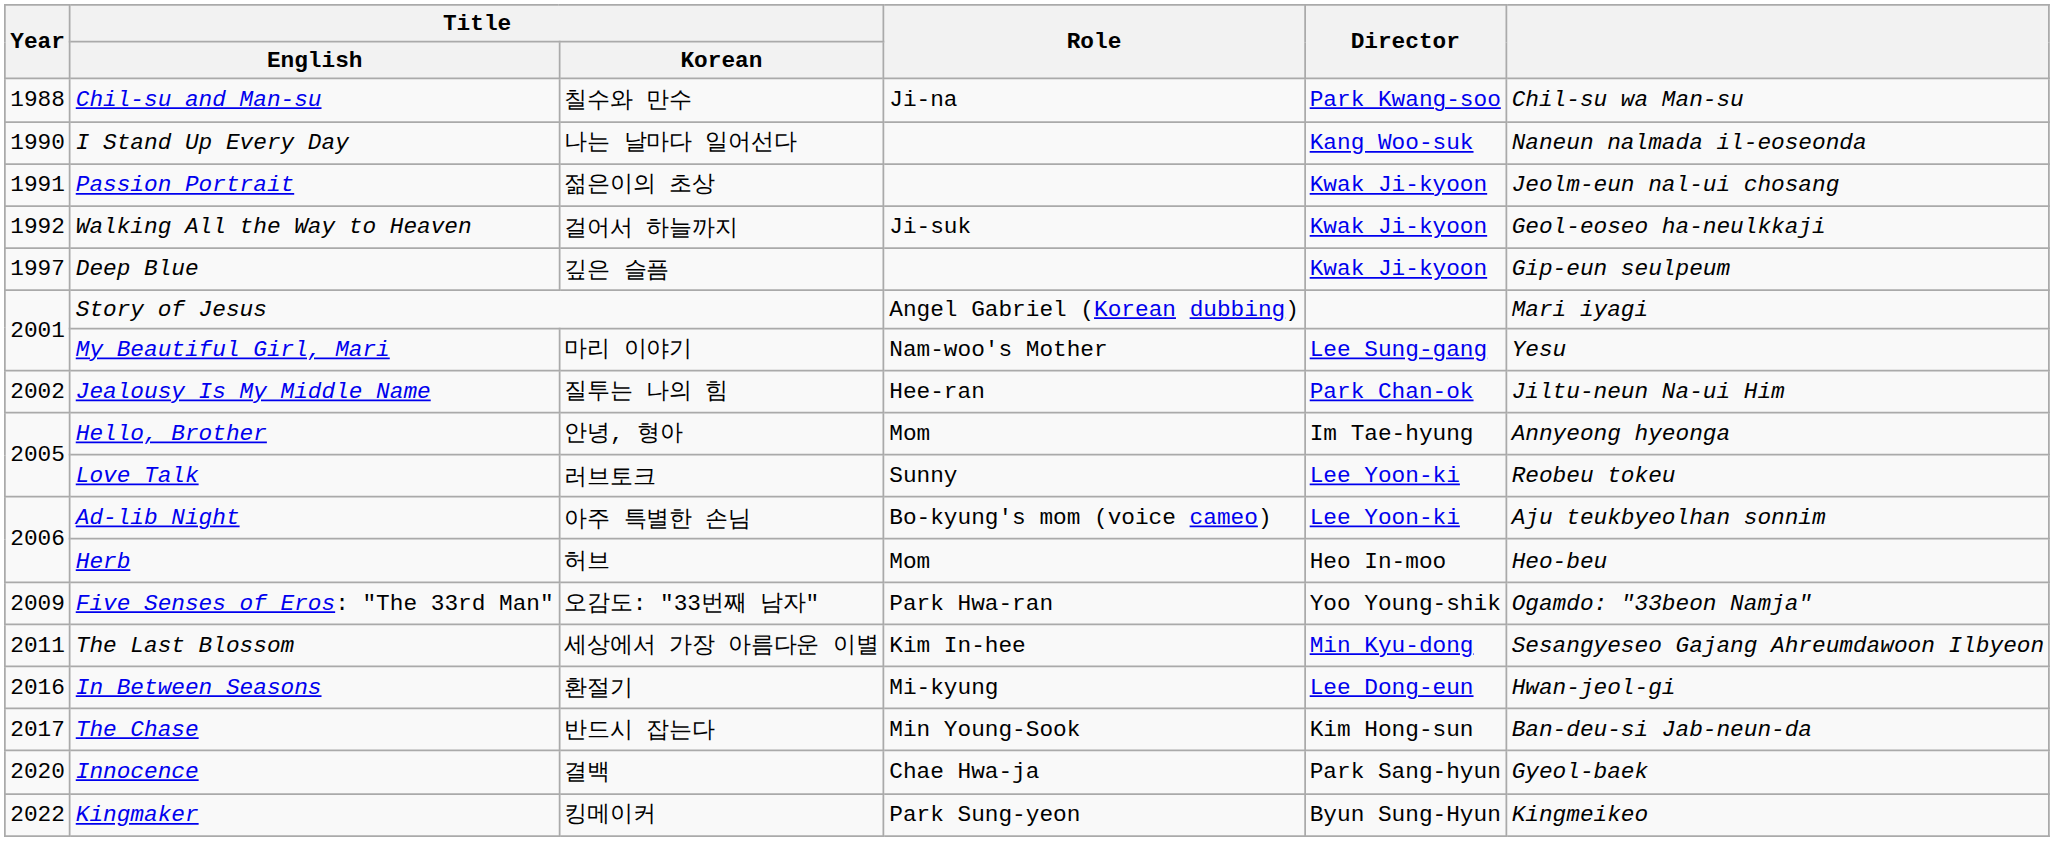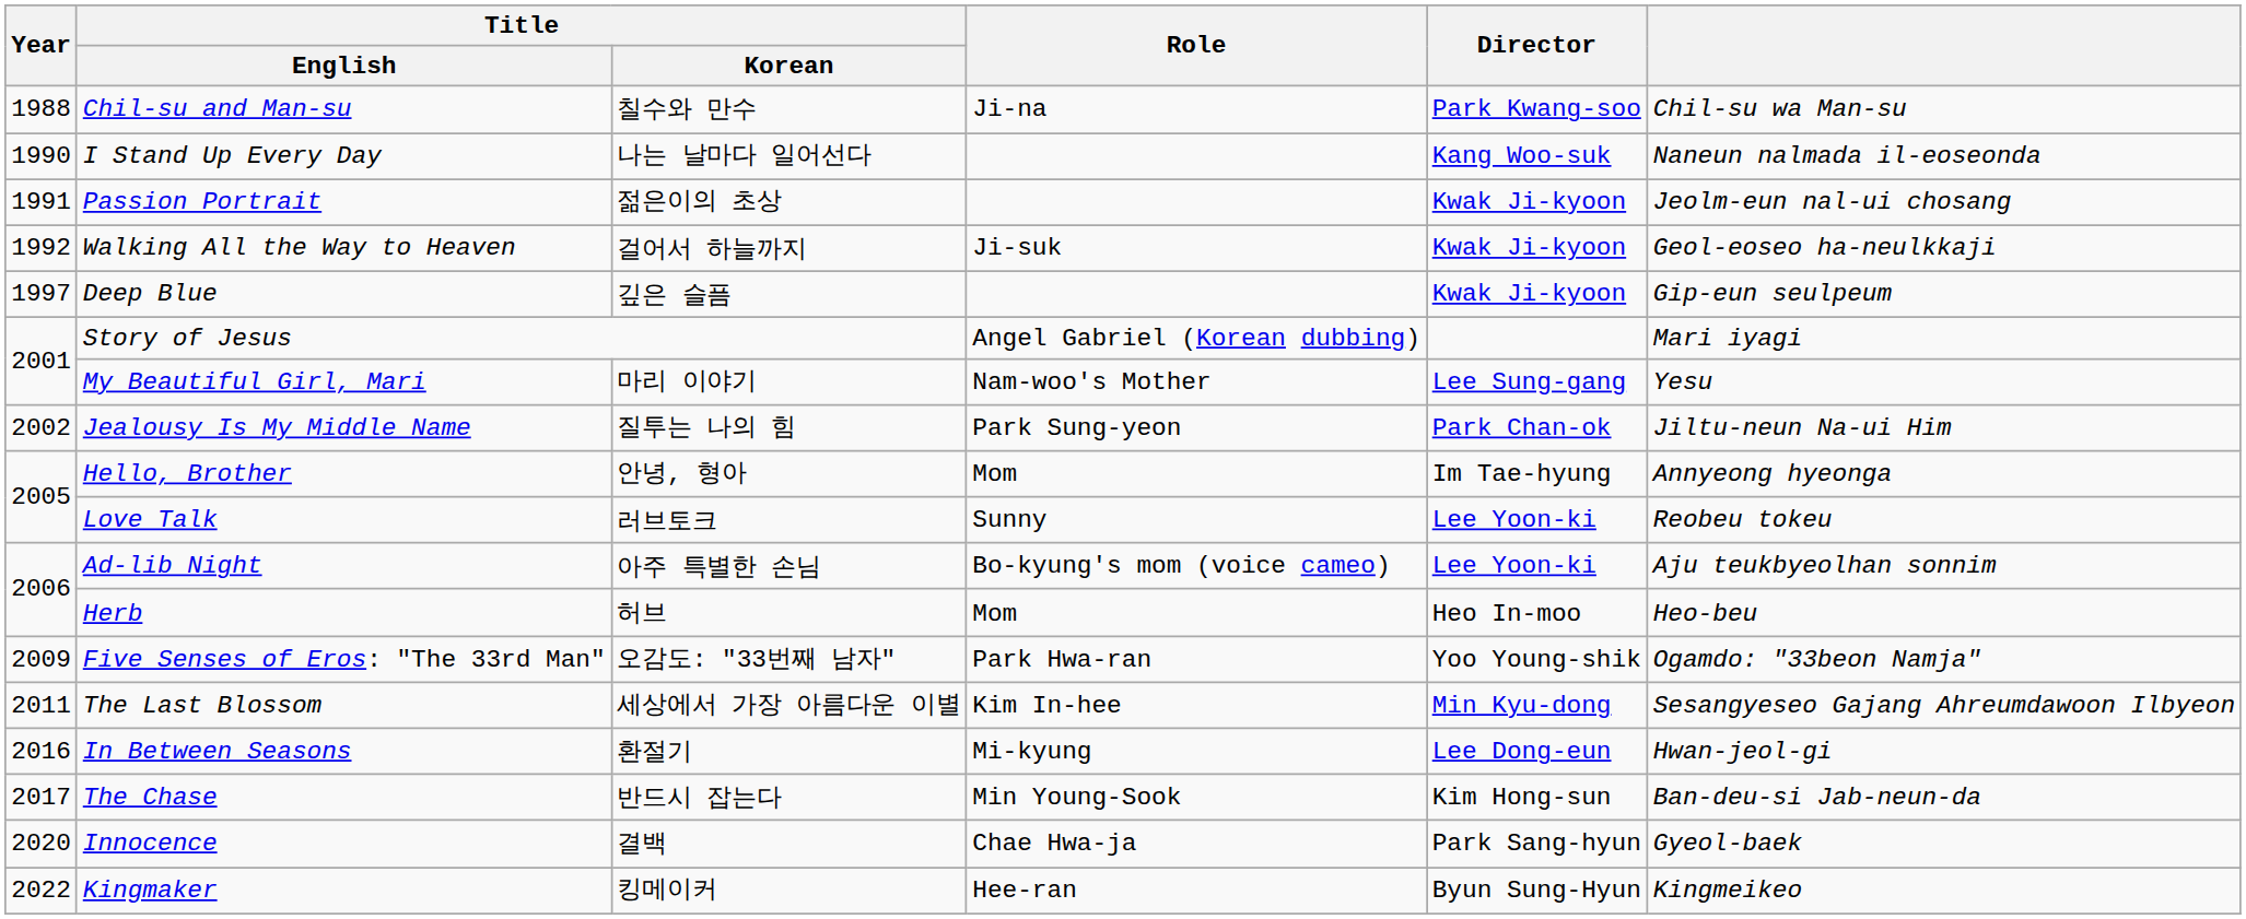 <table class="wikitable sortable plainrowheaders" style="text-align:left; font-size:100%;">
 <tr>
 <th scope="col" rowspan="2">Year</th>
 <th scope="col" colspan="2">Title</th>
 <th scope="col" rowspan="2">Role</th>
 <th scope="col" rowspan="2">Director</th>
 <th scope="col" rowspan="2" class="unsortable"></th>
 </tr>
 <tr>
 <th>English</th>
 <th>Korean</th>
 </tr>
 <tr>
 <td>1988</td>
 <td><em><a href='#'>Chil-su and Man-su</a></em></td>
 <td>칠수와 만수</td>
 <td>Ji-na</td>
 <td><a href='#'>Park Kwang-soo</a></td>
 <td><em>Chil-su wa Man-su</em></td>
 </tr>
 <tr>
 <td>1990</td>
 <td><em>I Stand Up Every Day</em></td>
 <td>나는 날마다 일어선다</td>
 <td></td>
 <td><a href='#'>Kang Woo-suk</a></td>
 <td><em>Naneun nalmada il-eoseonda</em></td>
 </tr>
 <tr>
 <td>1991</td>
 <td><em><a href='#'>Passion Portrait</a></em></td>
 <td>젊은이의 초상</td>
 <td></td>
 <td><a href='#'>Kwak Ji-kyoon</a></td>
 <td><em>Jeolm-eun nal-ui chosang</em></td>
 </tr>
 <tr>
 <td>1992</td>
 <td><em>Walking All the Way to Heaven</em></td>
 <td>걸어서 하늘까지</td>
 <td>Ji-suk</td>
 <td><a href='#'>Kwak Ji-kyoon</a></td>
 <td><em>Geol-eoseo ha-neulkkaji</em></td>
 </tr>
 <tr>
 <td>1997</td>
 <td><em>Deep Blue</em></td>
 <td>깊은 슬픔</td>
 <td></td>
 <td><a href='#'>Kwak Ji-kyoon</a></td>
 <td><em>Gip-eun seulpeum</em></td>
 </tr>
 <tr>
 <td rowspan=2>2001</td>
 <td colspan="2"><em>Story of Jesus</em></td>
 <td>Angel Gabriel (<a href='#'>Korean</a> <a href='#'>dubbing</a>)</td>
 <td></td>
 <td><em>Mari iyagi</em></td>
 </tr>
 <tr>
 <td><em><a href='#'>My Beautiful Girl, Mari</a></em></td>
 <td>마리 이야기</td>
 <td>Nam-woo's Mother</td>
 <td><a href='#'>Lee Sung-gang</a></td>
 <td><em>Yesu</em></td>
 </tr>
 <tr>
 <td>2002</td>
 <td><em><a href='#'>Jealousy Is My Middle Name</a></em></td>
 <td>질투는 나의 힘</td>
-<td>Hee-ran</td>
+<td>Park Sung-yeon</td>
 <td><a href='#'>Park Chan-ok</a></td>
 <td><em>Jiltu-neun Na-ui Him</em></td>
 </tr>
 <tr>
 <td rowspan=2>2005</td>
 <td><em><a href='#'>Hello, Brother</a></em></td>
 <td>안녕, 형아</td>
 <td>Mom</td>
 <td>Im Tae-hyung</td>
 <td><em>Annyeong hyeonga</em></td>
 </tr>
 <tr>
 <td><em><a href='#'>Love Talk</a></em></td>
 <td>러브토크</td>
 <td>Sunny</td>
 <td><a href='#'>Lee Yoon-ki</a></td>
 <td><em>Reobeu tokeu</em></td>
 </tr>
 <tr>
 <td rowspan=2>2006</td>
 <td><em><a href='#'>Ad-lib Night</a></em></td>
 <td>아주 특별한 손님</td>
 <td>Bo-kyung's mom (voice <a href='#'>cameo</a>)</td>
 <td><a href='#'>Lee Yoon-ki</a></td>
 <td><em>Aju teukbyeolhan sonnim</em></td>
 </tr>
 <tr>
 <td><em><a href='#'>Herb</a></em></td>
 <td>허브</td>
 <td>Mom</td>
 <td>Heo In-moo</td>
 <td><em>Heo-beu</em></td>
 </tr>
 <tr>
 <td>2009</td>
 <td><em><a href='#'>Five Senses of Eros</a></em>: "The 33rd Man"</td>
 <td>오감도: "33번째 남자"</td>
 <td>Park Hwa-ran</td>
 <td>Yoo Young-shik</td>
 <td><em>Ogamdo: "33beon Namja"</em></td>
 </tr>
 <tr>
 <td>2011</td>
 <td><em>The Last Blossom</em></td>
 <td>세상에서 가장 아름다운 이별</td>
 <td>Kim In-hee</td>
 <td><a href='#'>Min Kyu-dong</a></td>
 <td><em>Sesangyeseo Gajang Ahreumdawoon Ilbyeon</em></td>
 </tr>
 <tr>
 <td>2016</td>
 <td><em><a href='#'>In Between Seasons</a></em></td>
 <td>환절기</td>
 <td>Mi-kyung</td>
 <td><a href='#'>Lee Dong-eun</a></td>
 <td><em>Hwan-jeol-gi</em></td>
 </tr>
 <tr>
 <td>2017</td>
 <td><em><a href='#'>The Chase</a></em></td>
 <td>반드시 잡는다</td>
 <td>Min Young-Sook</td>
 <td>Kim Hong-sun</td>
 <td><em>Ban-deu-si Jab-neun-da</em></td>
 </tr>
 <tr>
 <td>2020</td>
 <td><em><a href='#'>Innocence</a></em></td>
 <td>결백</td>
 <td>Chae Hwa-ja</td>
 <td>Park Sang-hyun</td>
 <td><em>Gyeol-baek</em></td>
 </tr>
 <tr>
 <td>2022</td>
 <td><em><a href='#'>Kingmaker</a></em></td>
 <td>킹메이커</td>
-<td>Park Sung-yeon</td>
+<td>Hee-ran</td>
 <td>Byun Sung-Hyun</td>
 <td><em>Kingmeikeo</em></td>
 </tr>
 </table>
